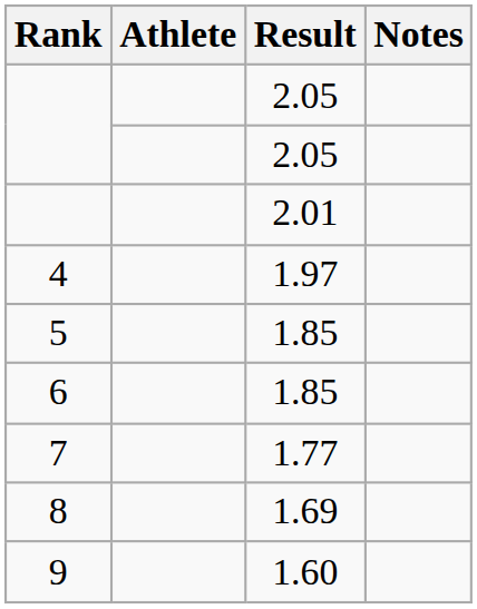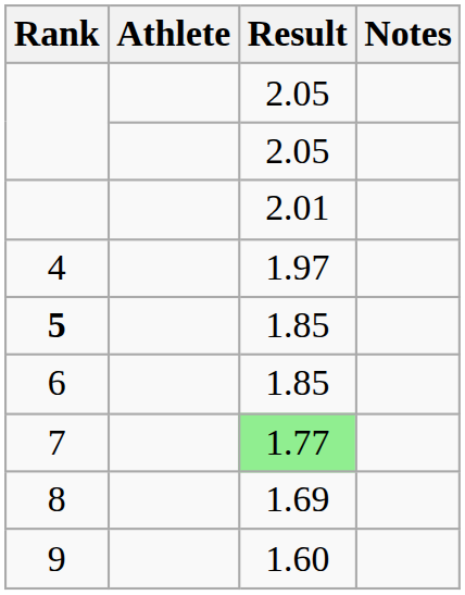 <table class="wikitable">
 <tr>
 <th>Rank</th>
 <th>Athlete</th>
 <th>Result</th>
 <th>Notes</th>
 </tr>
 <tr align=center>
 <td rowspan=2></td>
 <td align=left></td>
 <td>2.05</td>
 <td></td>
 </tr>
 <tr align=center>
 <td align=left></td>
 <td>2.05</td>
 <td></td>
 </tr>
 <tr align=center>
 <td></td>
 <td align=left></td>
 <td>2.01</td>
 <td></td>
 </tr>
 <tr align=center>
 <td>4</td>
 <td align=left></td>
 <td>1.97</td>
 <td></td>
 </tr>
 <tr align=center>
-<td>5</td>
+<td><strong>5</strong></td>
 <td align=left></td>
 <td>1.85</td>
 <td></td>
 </tr>
 <tr align=center>
 <td>6</td>
 <td align=left></td>
 <td>1.85</td>
 <td></td>
 </tr>
 <tr align=center>
 <td>7</td>
 <td align=left></td>
-<td>1.77</td>
+<td style="background: lightgreen;">1.77</td>
 <td></td>
 </tr>
 <tr align=center>
 <td>8</td>
 <td align=left></td>
 <td>1.69</td>
 <td></td>
 </tr>
 <tr align=center>
 <td>9</td>
 <td align=left></td>
 <td>1.60</td>
 <td></td>
 </tr>
 </table>
